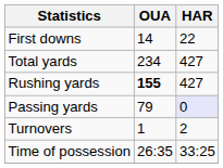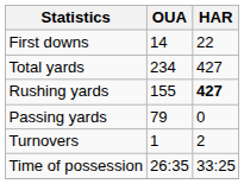 <table class="wikitable" style="float: left;">
 <tr>
 <th>Statistics</th>
 <th>OUA</th>
 <th>HAR</th>
 </tr>
 <tr>
 <td>First downs</td>
 <td>14</td>
 <td>22</td>
 </tr>
 <tr>
 <td>Total yards</td>
 <td>234</td>
 <td>427</td>
 </tr>
 <tr>
 <td>Rushing yards</td>
-<td><strong>155</strong></td>
-<td>427</td>
+<td>155</td>
+<td><strong>427</strong></td>
 </tr>
 <tr>
 <td>Passing yards</td>
 <td>79</td>
-<td style="background: lavender;">0</td>
+<td>0</td>
 </tr>
 <tr>
 <td>Turnovers</td>
 <td>1</td>
 <td>2</td>
 </tr>
 <tr>
 <td>Time of possession</td>
 <td>26:35</td>
 <td>33:25</td>
 </tr>
 <tr>
 </tr>
 </table>
